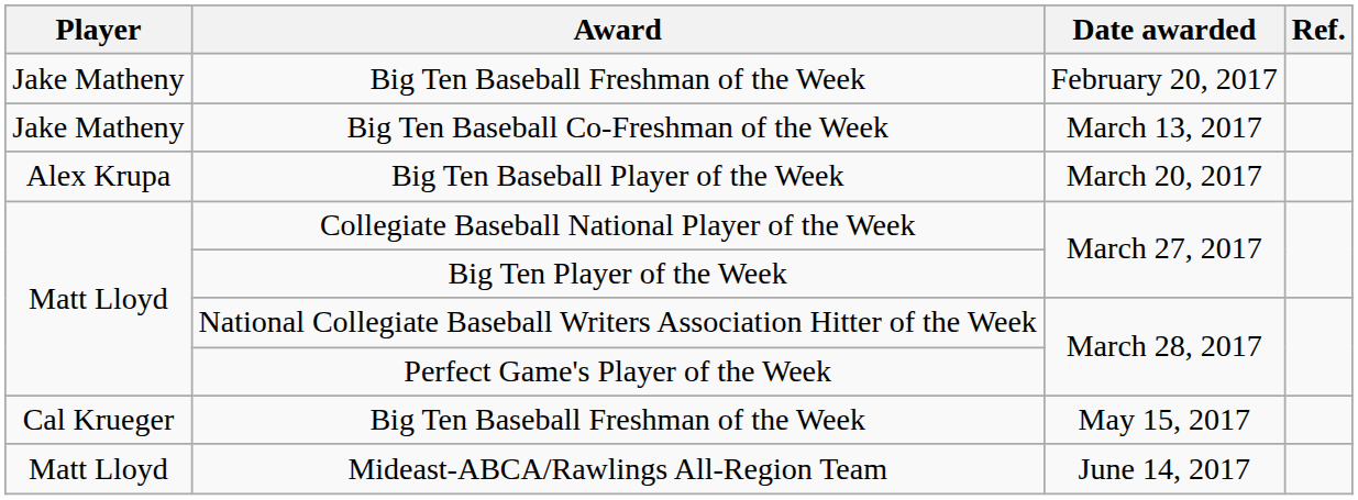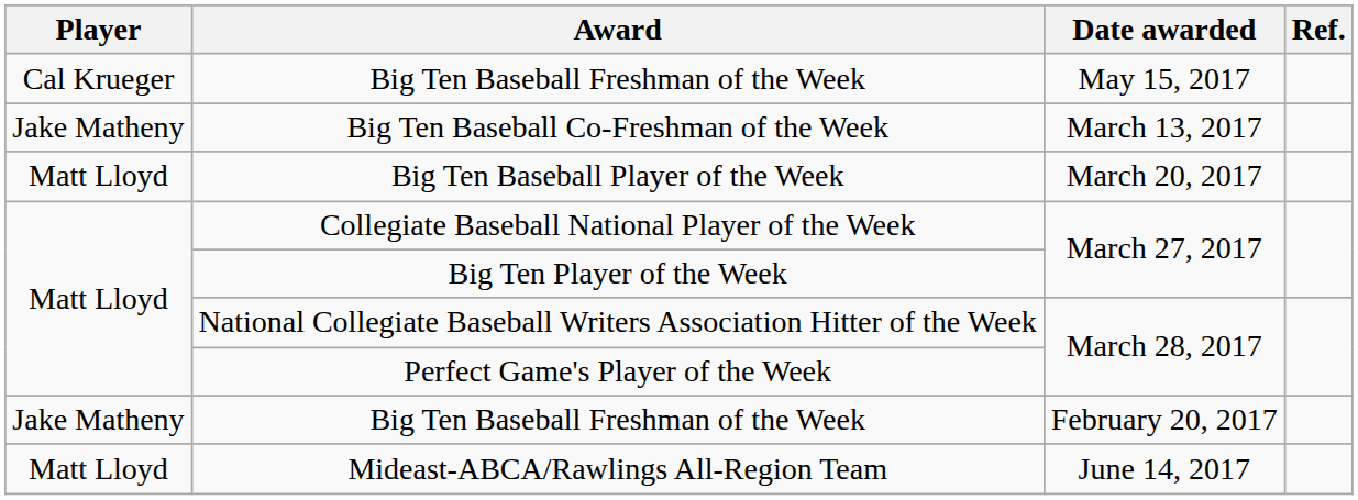 <table class="wikitable sortable sortable" style="text-align: center">
 <tr align=center>
 <th>Player</th>
 <th>Award</th>
 <th>Date awarded</th>
 <th>Ref.</th>
 </tr>
 <tr>
-<td>Jake Matheny</td>
+<td>Cal Krueger</td>
 <td rowspan="1">Big Ten Baseball Freshman of the Week</td>
-<td rowspan="1">February 20, 2017</td>
+<td rowspan="1">May 15, 2017</td>
 <td rowspan="1"></td>
 </tr>
 <tr>
 <td>Jake Matheny</td>
 <td rowspan="1">Big Ten Baseball Co-Freshman of the Week</td>
 <td rowspan="1">March 13, 2017</td>
 <td rowspan="1"></td>
 </tr>
 <tr>
-<td>Alex Krupa</td>
+<td>Matt Lloyd</td>
 <td rowspan="1">Big Ten Baseball Player of the Week</td>
 <td rowspan="1">March 20, 2017</td>
 <td rowspan="1"></td>
 </tr>
 <tr>
 <td rowspan="4">Matt Lloyd</td>
 <td rowspan="1">Collegiate Baseball National Player of the Week</td>
 <td rowspan="2">March 27, 2017</td>
 <td rowspan="2"></td>
 </tr>
 <tr>
 <td rowspan="1">Big Ten Player of the Week</td>
 </tr>
 <tr>
 <td rowspan="1">National Collegiate Baseball Writers Association Hitter of the Week</td>
 <td rowspan="2">March 28, 2017</td>
 <td rowspan="2"></td>
 </tr>
 <tr>
 <td rowspan="1">Perfect Game's Player of the Week</td>
 </tr>
 <tr>
-<td>Cal Krueger</td>
+<td>Jake Matheny</td>
 <td rowspan="1">Big Ten Baseball Freshman of the Week</td>
-<td rowspan="1">May 15, 2017</td>
+<td rowspan="1">February 20, 2017</td>
 <td rowspan="1"></td>
 </tr>
 <tr>
 <td>Matt Lloyd</td>
 <td rowspan="1">Mideast-ABCA/Rawlings All-Region Team</td>
 <td rowspan="1">June 14, 2017</td>
 <td rowspan="1"></td>
 </tr>
 </table>
